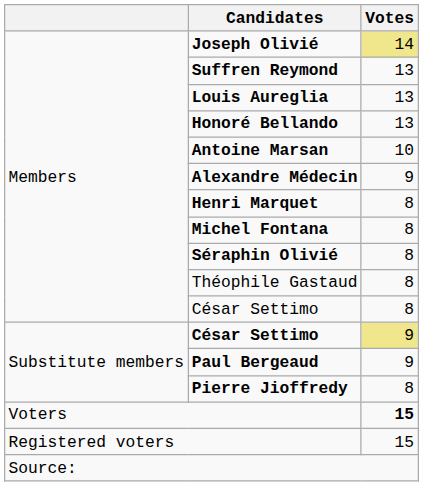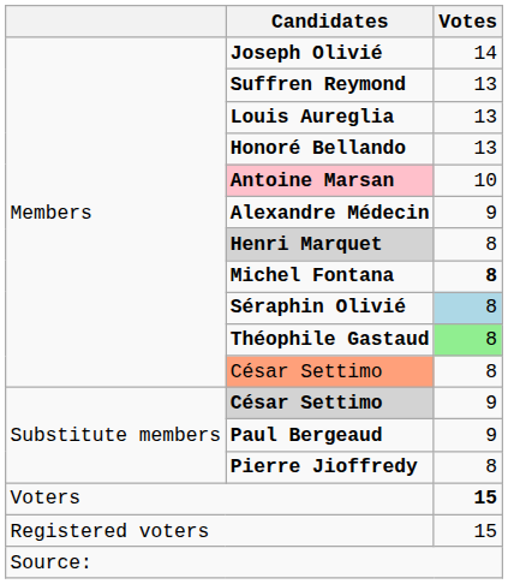 <table class="wikitable" style="text-align:right">
 <tr>
 <th></th>
 <th>Candidates</th>
 <th>Votes</th>
 </tr>
 <tr>
 <td rowspan=11 align=left>Members</td>
 <td align=left><strong>Joseph Olivié</strong></td>
-<td style="background: khaki;">14</td>
+<td>14</td>
 </tr>
 <tr>
 <td align=left><strong>Suffren Reymond</strong></td>
 <td>13</td>
 </tr>
 <tr>
 <td align=left><strong>Louis Aureglia</strong></td>
 <td>13</td>
 </tr>
 <tr>
 <td align=left><strong>Honoré Bellando</strong></td>
 <td>13</td>
 </tr>
 <tr>
-<td align=left><strong>Antoine Marsan</strong></td>
+<td align=left style="background: pink;"><strong>Antoine Marsan</strong></td>
 <td>10</td>
 </tr>
 <tr>
 <td align=left><strong>Alexandre Médecin</strong></td>
 <td>9</td>
 </tr>
 <tr>
-<td align=left><strong>Henri Marquet</strong></td>
+<td align=left style="background: lightgrey;"><strong>Henri Marquet</strong></td>
 <td>8</td>
 </tr>
 <tr>
 <td align=left><strong>Michel Fontana</strong></td>
-<td>8</td>
+<td><strong>8</strong></td>
 </tr>
 <tr>
 <td align=left><strong>Séraphin Olivié</strong></td>
-<td>8</td>
+<td style="background: lightblue;">8</td>
 </tr>
 <tr>
-<td align=left>Théophile Gastaud</td>
-<td>8</td>
+<td align=left><strong>Théophile Gastaud</strong></td>
+<td style="background: lightgreen;">8</td>
 </tr>
 <tr>
-<td align=left>César Settimo</td>
+<td align=left style="background: lightsalmon;">César Settimo</td>
 <td>8</td>
 </tr>
 <tr>
 <td rowspan=3 align=left>Substitute members</td>
-<td align=left><strong>César Settimo</strong></td>
-<td style="background: khaki;">9</td>
+<td align=left style="background: lightgrey;"><strong>César Settimo</strong></td>
+<td>9</td>
 </tr>
 <tr>
 <td align=left><strong>Paul Bergeaud</strong></td>
 <td>9</td>
 </tr>
 <tr>
 <td align=left><strong>Pierre Jioffredy</strong></td>
 <td>8</td>
 </tr>
 <tr>
 <td colspan=2 align=left>Voters</td>
 <td><strong>15</strong></td>
 </tr>
 <tr>
 <td colspan=2 align=left>Registered voters</td>
 <td>15</td>
 </tr>
 <tr>
 <td colspan=3 align=left>Source:</td>
 </tr>
 </table>
